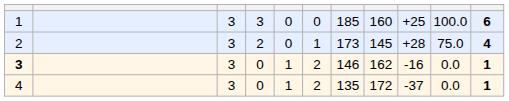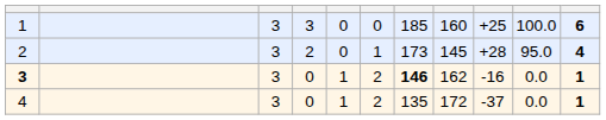 <table class="wikitable" style="text-align:center; font-size:95%">
 <tr>
 <th width="25"></th>
 <th width="200"></th>
 <th width="25"></th>
 <th width="25"></th>
 <th width="25"></th>
 <th width="25"></th>
 <th width="30"></th>
 <th width="30"></th>
 <th width="30"></th>
 <th width="30"></th>
 <th width="30"></th>
 </tr>
 <tr style="background:#e6efff">
 <td>1</td>
 <td style="text-align:left"></td>
 <td>3</td>
 <td>3</td>
 <td>0</td>
 <td>0</td>
 <td>185</td>
 <td>160</td>
 <td>+25</td>
 <td>100.0</td>
 <td><strong>6</strong></td>
 </tr>
 <tr style="background:#e6efff">
 <td>2</td>
 <td style="text-align:left"></td>
 <td>3</td>
 <td>2</td>
 <td>0</td>
 <td>1</td>
 <td>173</td>
 <td>145</td>
 <td>+28</td>
-<td>75.0</td>
+<td>95.0</td>
 <td><strong>4</strong></td>
 </tr>
 <tr style="background:#fff6e6">
 <td><strong>3</strong></td>
 <td style="text-align:left"></td>
 <td>3</td>
 <td>0</td>
 <td>1</td>
 <td>2</td>
-<td>146</td>
+<td><strong>146</strong></td>
 <td>162</td>
 <td>-16</td>
 <td>0.0</td>
 <td><strong>1</strong></td>
 </tr>
 <tr style="background:#fff6e6">
 <td>4</td>
 <td style="text-align:left"></td>
 <td>3</td>
 <td>0</td>
 <td>1</td>
 <td>2</td>
 <td>135</td>
 <td>172</td>
 <td>-37</td>
 <td>0.0</td>
 <td><strong>1</strong></td>
 </tr>
 </table>
